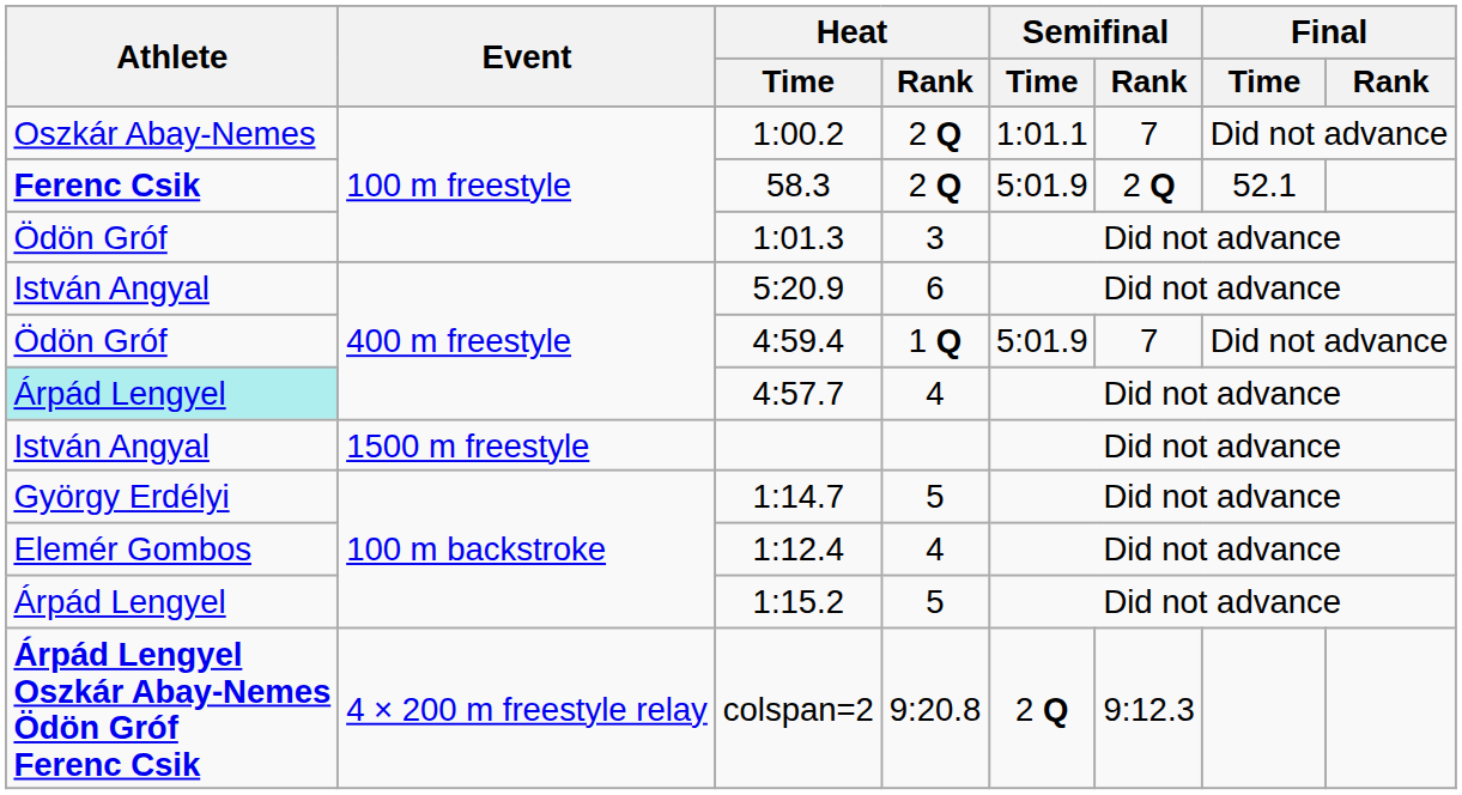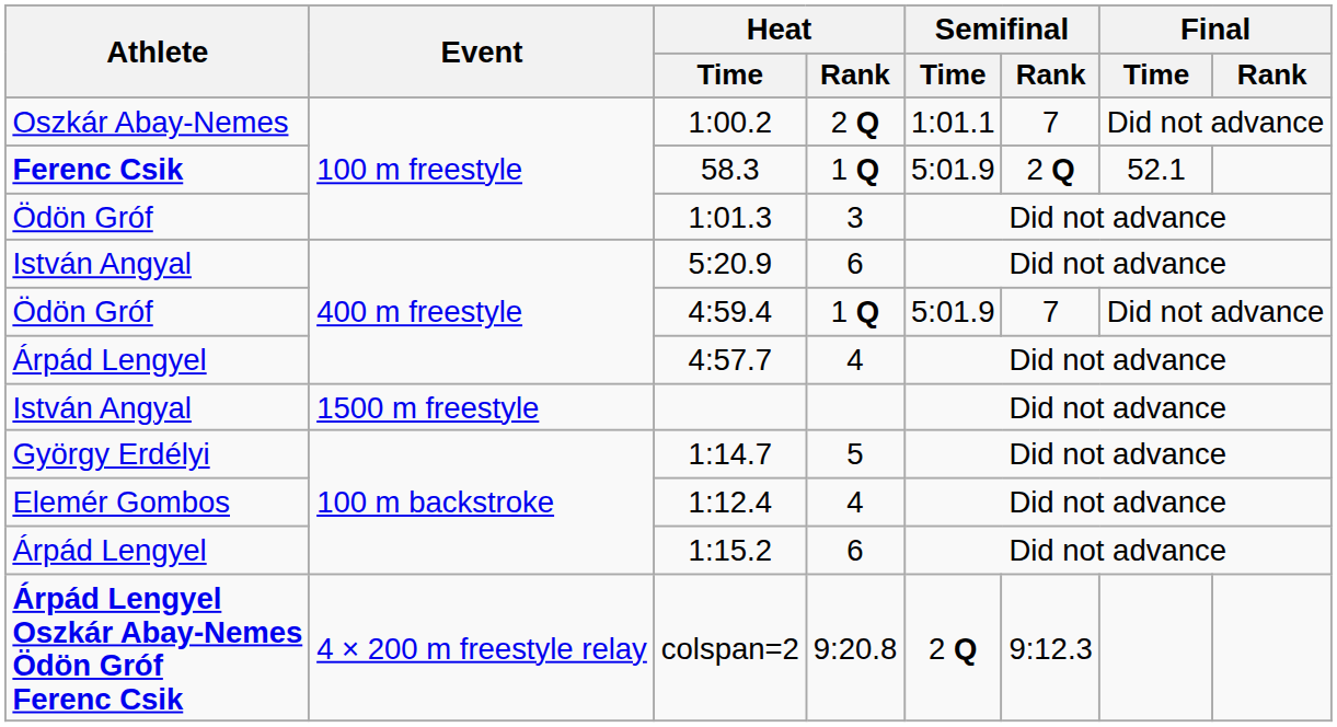 <table class=wikitable style="font-size:90%;">
 <tr>
 <th rowspan=2>Athlete</th>
 <th rowspan=2>Event</th>
 <th colspan=2>Heat</th>
 <th colspan=2>Semifinal</th>
 <th colspan=2>Final</th>
 </tr>
 <tr style="font-size:95%">
 <th>Time</th>
 <th>Rank</th>
 <th>Time</th>
 <th>Rank</th>
 <th>Time</th>
 <th>Rank</th>
 </tr>
 <tr align=center>
 <td align=left><a href='#'>Oszkár Abay-Nemes</a></td>
 <td rowspan=3 align=left><a href='#'>100 m freestyle</a></td>
 <td>1:00.2</td>
 <td>2 <strong>Q</strong></td>
 <td>1:01.1</td>
 <td>7</td>
 <td colspan=2>Did not advance</td>
 </tr>
 <tr align=center>
 <td align=left><strong><a href='#'>Ferenc Csik</a></strong></td>
 <td>58.3</td>
-<td>2 <strong>Q</strong></td>
+<td>1 <strong>Q</strong></td>
 <td>5:01.9</td>
 <td>2 <strong>Q</strong></td>
 <td>52.1</td>
 <td></td>
 </tr>
 <tr align=center>
 <td align=left><a href='#'>Ödön Gróf</a></td>
 <td>1:01.3</td>
 <td>3</td>
 <td colspan=4>Did not advance</td>
 </tr>
 <tr align=center>
 <td align=left><a href='#'>István Angyal</a></td>
 <td rowspan=3 align=left><a href='#'>400 m freestyle</a></td>
 <td>5:20.9</td>
 <td>6</td>
 <td colspan=4>Did not advance</td>
 </tr>
 <tr align=center>
 <td align=left><a href='#'>Ödön Gróf</a></td>
 <td>4:59.4</td>
 <td>1 <strong>Q</strong></td>
 <td>5:01.9</td>
 <td>7</td>
 <td colspan=2>Did not advance</td>
 </tr>
 <tr align=center>
-<td align=left style="background: paleturquoise;"><a href='#'>Árpád Lengyel</a></td>
+<td align=left><a href='#'>Árpád Lengyel</a></td>
 <td>4:57.7</td>
 <td>4</td>
 <td colspan=4>Did not advance</td>
 </tr>
 <tr align=center>
 <td align=left><a href='#'>István Angyal</a></td>
 <td align=left><a href='#'>1500 m freestyle</a></td>
 <td></td>
 <td></td>
 <td colspan=4>Did not advance</td>
 </tr>
 <tr align=center>
 <td align=left><a href='#'>György Erdélyi</a></td>
 <td rowspan=3 align=left><a href='#'>100 m backstroke</a></td>
 <td>1:14.7</td>
 <td>5</td>
 <td colspan=4>Did not advance</td>
 </tr>
 <tr align=center>
 <td align=left><a href='#'>Elemér Gombos</a></td>
 <td>1:12.4</td>
 <td>4</td>
 <td colspan=4>Did not advance</td>
 </tr>
 <tr align=center>
 <td align=left><a href='#'>Árpád Lengyel</a></td>
 <td>1:15.2</td>
-<td>5</td>
+<td>6</td>
 <td colspan=4>Did not advance</td>
 </tr>
 <tr align=center>
 <td align=left><strong><a href='#'>Árpád Lengyel</a><br><a href='#'>Oszkár Abay-Nemes</a><br><a href='#'>Ödön Gróf</a><br><a href='#'>Ferenc Csik</a></strong></td>
 <td align=left><a href='#'>4 × 200 m freestyle relay</a></td>
 <td>colspan=2 </td>
 <td>9:20.8</td>
 <td>2 <strong>Q</strong></td>
 <td>9:12.3</td>
 <td></td>
 </tr>
 </table>
